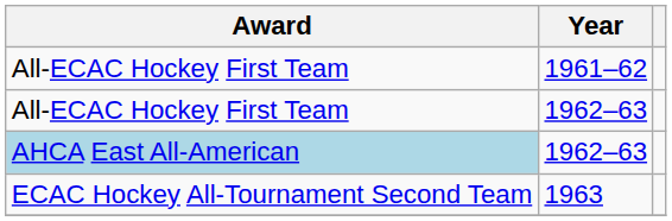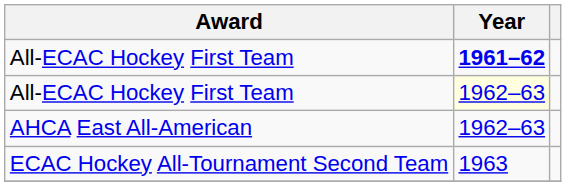 <table class="wikitable">
 <tr>
 <th>Award</th>
 <th>Year</th>
 <th></th>
 </tr>
 <tr>
 <td>All-<a href='#'>ECAC Hockey</a> <a href='#'>First Team</a></td>
-<td><a href='#'>1961–62</a></td>
+<td><strong><a href='#'>1961–62</a></strong></td>
 <td></td>
 </tr>
 <tr>
 <td>All-<a href='#'>ECAC Hockey</a> <a href='#'>First Team</a></td>
-<td><a href='#'>1962–63</a></td>
+<td style="background: lightyellow;"><a href='#'>1962–63</a></td>
 <td></td>
 </tr>
 <tr>
-<td style="background: lightblue;"><a href='#'>AHCA</a> <a href='#'>East All-American</a></td>
+<td><a href='#'>AHCA</a> <a href='#'>East All-American</a></td>
 <td><a href='#'>1962–63</a></td>
 <td></td>
 </tr>
 <tr>
 <td><a href='#'>ECAC Hockey</a> <a href='#'>All-Tournament Second Team</a></td>
 <td><a href='#'>1963</a></td>
 <td></td>
 </tr>
 <tr>
 </tr>
 </table>
